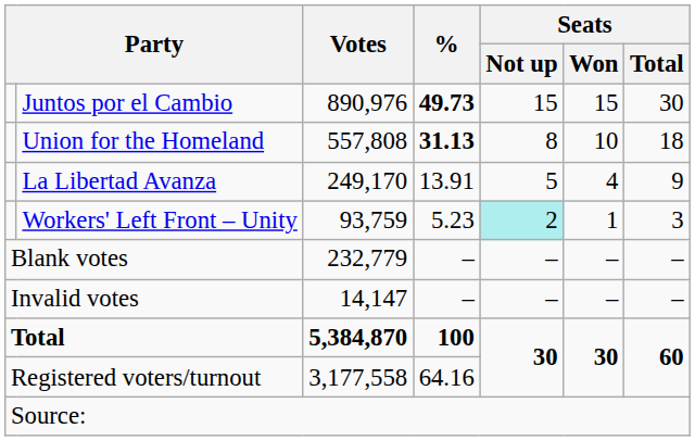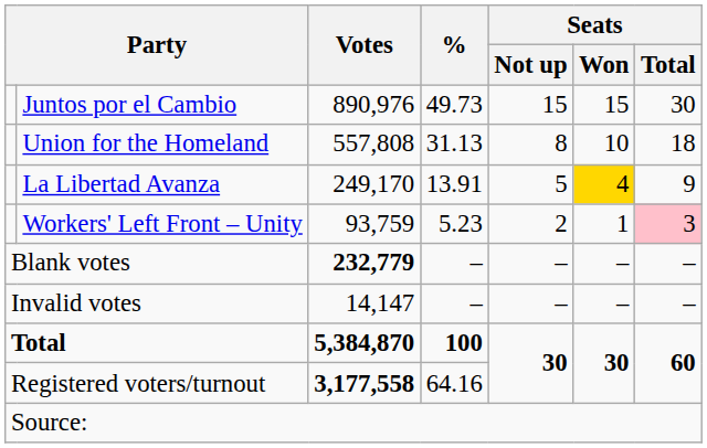 <table class="wikitable" style="text-align:right">
 <tr>
 <th colspan="2" rowspan="2">Party</th>
 <th rowspan="2">Votes</th>
 <th rowspan="2">%</th>
 <th colspan="3">Seats</th>
 </tr>
 <tr>
 <th>Not up</th>
 <th>Won</th>
 <th>Total</th>
 </tr>
 <tr>
 <td bgcolor=></td>
 <td align="left"><a href='#'>Juntos por el Cambio</a></td>
 <td>890,976</td>
-<td><strong>49.73</strong></td>
+<td>49.73</td>
 <td>15</td>
 <td>15</td>
 <td>30</td>
 </tr>
 <tr>
 <td bgcolor=></td>
 <td align="left"><a href='#'>Union for the Homeland</a></td>
 <td>557,808</td>
-<td><strong>31.13</strong></td>
+<td>31.13</td>
 <td>8</td>
 <td>10</td>
 <td>18</td>
 </tr>
 <tr>
 <td bgcolor=></td>
 <td align="left"><a href='#'>La Libertad Avanza</a></td>
 <td>249,170</td>
 <td>13.91</td>
 <td>5</td>
-<td>4</td>
+<td style="background: gold;">4</td>
 <td>9</td>
 </tr>
 <tr>
 <td></td>
 <td align="left"><a href='#'>Workers' Left Front – Unity</a></td>
 <td>93,759</td>
 <td>5.23</td>
-<td style="background: paleturquoise;">2</td>
+<td>2</td>
 <td>1</td>
-<td>3</td>
+<td style="background: pink;">3</td>
 </tr>
 <tr>
 <td colspan="2" align="left">Blank votes</td>
-<td>232,779</td>
+<td><strong>232,779</strong></td>
 <td>–</td>
 <td>–</td>
 <td>–</td>
 <td>–</td>
 </tr>
 <tr>
 <td colspan="2" align="left">Invalid votes</td>
 <td>14,147</td>
 <td>–</td>
 <td>–</td>
 <td>–</td>
 <td>–</td>
 </tr>
 <tr>
 <td colspan="2" align="left"><strong>Total</strong></td>
 <td><strong>5,384,870</strong></td>
 <td><strong>100</strong></td>
 <td rowspan="2"><strong>30</strong></td>
 <td rowspan="2"><strong>30</strong></td>
 <td rowspan="2"><strong>60</strong></td>
 </tr>
 <tr>
 <td colspan="2" align="left">Registered voters/turnout</td>
-<td>3,177,558</td>
+<td><strong>3,177,558</strong></td>
 <td>64.16</td>
 </tr>
 <tr>
 <td colspan="7" align="left">Source: </td>
 </tr>
 </table>
